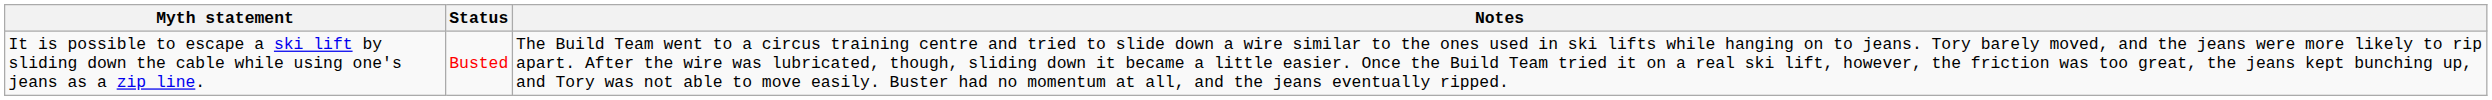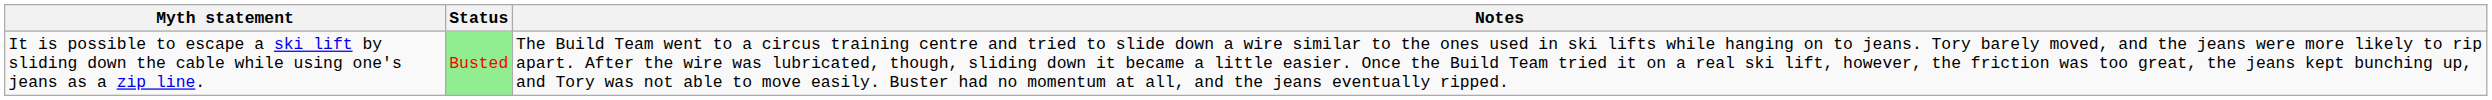 <table class="wikitable plainrowheaders">
 <tr>
 <th>Myth statement</th>
 <th>Status</th>
 <th>Notes</th>
 </tr>
 <tr>
 <td>It is possible to escape a <a href='#'>ski lift</a> by sliding down the cable while using one's jeans as a <a href='#'>zip line</a>.</td>
-<td style="color:red">Busted</td>
+<td style="background: lightgreen; color:red">Busted</td>
 <td>The Build Team went to a circus training centre and tried to slide down a wire similar to the ones used in ski lifts while hanging on to jeans. Tory barely moved, and the jeans were more likely to rip apart. After the wire was lubricated, though, sliding down it became a little easier. Once the Build Team tried it on a real ski lift, however, the friction was too great, the jeans kept bunching up, and Tory was not able to move easily. Buster had no momentum at all, and the jeans eventually ripped.</td>
 </tr>
 </table>
